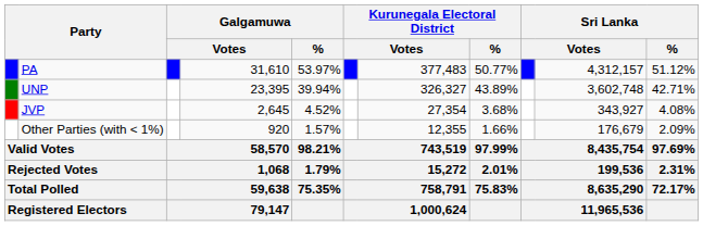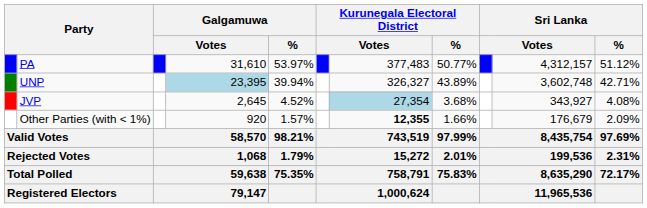 <table class="wikitable">
 <tr>
 <th colspan="2" width="144px"rowspan="2">Party</th>
 <th colspan="3" width="216px">Galgamuwa</th>
 <th colspan="3" width="216px"><a href='#'>Kurunegala Electoral District</a></th>
 <th colspan="3" width="216px">Sri Lanka</th>
 </tr>
 <tr>
 <th colspan="2" width="144px">Votes</th>
 <th>%</th>
 <th colspan="2" width="144px">Votes</th>
 <th>%</th>
 <th colspan="2" width="144px">Votes</th>
 <th>%</th>
 </tr>
 <tr>
 <td style="background-color:blue;" width="10px"></td>
 <td style="text-align:left;"><a href='#'>PA</a></td>
 <td style="background-color:blue;" width="10px"></td>
 <td style="text-align:right;">31,610</td>
 <td style="text-align:right;">53.97%</td>
 <td style="background-color:blue;" width="10px"></td>
 <td style="text-align:right;">377,483</td>
 <td style="text-align:right;">50.77%</td>
 <td style="background-color:blue;" width="10px"></td>
 <td style="text-align:right;">4,312,157</td>
 <td style="text-align:right;">51.12%</td>
 </tr>
 <tr>
 <td style="background-color:green;" width="10px"></td>
 <td style="text-align:left;"><a href='#'>UNP</a></td>
 <td style="background-color:white;" width="10px"></td>
-<td style="text-align:right;">23,395</td>
+<td style="background: lightblue; text-align:right;">23,395</td>
 <td style="text-align:right;">39.94%</td>
 <td style="background-color:white;" width="10px"></td>
 <td style="text-align:right;">326,327</td>
 <td style="text-align:right;">43.89%</td>
 <td style="background-color:white;" width="10px"></td>
 <td style="text-align:right;">3,602,748</td>
 <td style="text-align:right;">42.71%</td>
 </tr>
 <tr>
 <td style="background-color:red;" width="10px"></td>
 <td style="text-align:left;"><a href='#'>JVP</a></td>
 <td style="background-color:white;" width="10px"></td>
 <td style="text-align:right;">2,645</td>
 <td style="text-align:right;">4.52%</td>
 <td style="background-color:white;" width="10px"></td>
-<td style="text-align:right;">27,354</td>
+<td style="background: lightblue; text-align:right;">27,354</td>
 <td style="text-align:right;">3.68%</td>
 <td style="background-color:white;" width="10px"></td>
 <td style="text-align:right;">343,927</td>
 <td style="text-align:right;">4.08%</td>
 </tr>
 <tr>
 <td style="background-color:white;" width="10px"></td>
 <td style="text-align:left;">Other Parties (with < 1%)</td>
 <td style="background-color:white;" width="10px"></td>
 <td style="text-align:right;">920</td>
 <td style="text-align:right;">1.57%</td>
 <td style="background-color:white;" width="10px"></td>
-<td style="text-align:right;">12,355</td>
+<td style="text-align:right;"><strong>12,355</strong></td>
 <td style="text-align:right;">1.66%</td>
 <td style="background-color:white;" width="10px"></td>
 <td style="text-align:right;">176,679</td>
 <td style="text-align:right;">2.09%</td>
 </tr>
 <tr>
 <th colspan="2" width="144px"style="text-align:left;">Valid Votes</th>
 <th style="text-align:right;"colspan="2" width="144px">58,570</th>
 <th style="text-align:right;">98.21%</th>
 <th style="text-align:right;"colspan="2" width="144px">743,519</th>
 <th style="text-align:right;">97.99%</th>
 <th style="text-align:right;"colspan="2" width="144px">8,435,754</th>
 <th style="text-align:right;">97.69%</th>
 </tr>
 <tr>
 <th colspan="2" width="144px"style="text-align:left;">Rejected Votes</th>
 <th style="text-align:right;"colspan="2" width="144px">1,068</th>
 <th style="text-align:right;">1.79%</th>
 <th style="text-align:right;"colspan="2" width="144px">15,272</th>
 <th style="text-align:right;">2.01%</th>
 <th style="text-align:right;"colspan="2" width="144px">199,536</th>
 <th style="text-align:right;">2.31%</th>
 </tr>
 <tr>
 <th colspan="2" width="144px"style="text-align:left;">Total Polled</th>
 <th style="text-align:right;"colspan="2" width="144px">59,638</th>
 <th style="text-align:right;">75.35%</th>
 <th style="text-align:right;"colspan="2" width="144px">758,791</th>
 <th style="text-align:right;">75.83%</th>
 <th style="text-align:right;"colspan="2" width="144px">8,635,290</th>
 <th style="text-align:right;">72.17%</th>
 </tr>
 <tr>
 <th colspan="2" width="144px"style="text-align:left;">Registered Electors</th>
 <th style="text-align:right;"colspan="2" width="144px">79,147</th>
 <th></th>
 <th style="text-align:right;"colspan="2" width="144px">1,000,624</th>
 <th></th>
 <th style="text-align:right;"colspan="2" width="144px">11,965,536</th>
 <th></th>
 </tr>
 </table>
